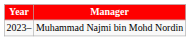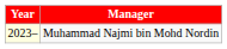 <table class="wikitable">
 <tr>
 <th style="background:red; color:White; text-align:center; ">Year</th>
 <th style="background:red; color:White; text-align:center; ">Manager</th>
 </tr>
 <tr>
-<td>2023–</td>
+<td style="background: lightyellow;">2023–</td>
 <td>Muhammad Najmi bin Mohd Nordin</td>
 </tr>
 </table>
